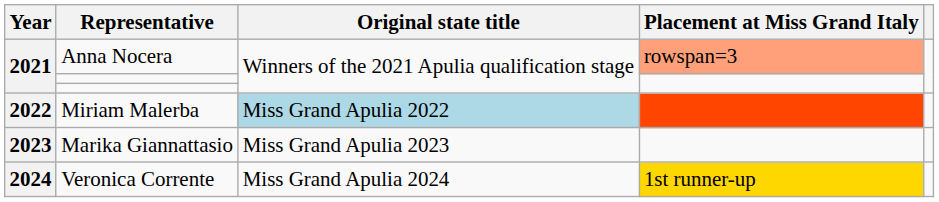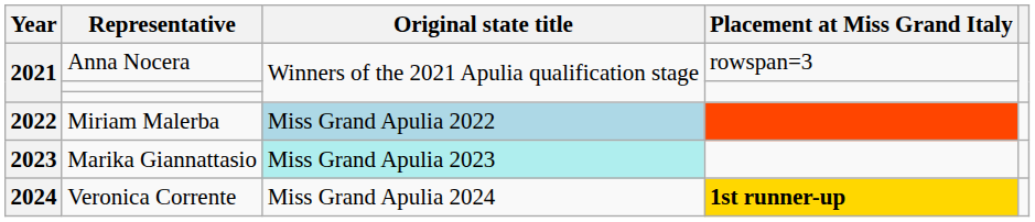 <table class="wikitable defaultcenter col2left" style="font-size:95%;">
 <tr>
 <th>Year</th>
 <th>Representative</th>
 <th>Original state title</th>
 <th>Placement at Miss Grand Italy</th>
 <th></th>
 </tr>
 <tr>
 <th rowspan=3>2021</th>
 <td>Anna Nocera</td>
 <td rowspan=3>Winners of the 2021 Apulia qualification stage</td>
-<td style="background: lightsalmon;">rowspan=3 </td>
+<td>rowspan=3 </td>
 <td rowspan=3></td>
 </tr>
 <tr>
 <td></td>
 </tr>
 <tr>
 <td></td>
 </tr>
 <tr>
 <th>2022</th>
 <td>Miriam Malerba</td>
 <td style="background: lightblue;">Miss Grand Apulia 2022</td>
 <td bgcolor=orangered></td>
 <td></td>
 </tr>
 <tr>
 <th>2023</th>
 <td>Marika Giannattasio</td>
-<td>Miss Grand Apulia 2023</td>
+<td style="background: paleturquoise;">Miss Grand Apulia 2023</td>
 <td></td>
 <td></td>
 </tr>
 <tr>
 <th>2024</th>
 <td>Veronica Corrente</td>
 <td>Miss Grand Apulia 2024</td>
-<td bgcolor=gold>1st runner-up</td>
+<td bgcolor=gold><strong>1st runner-up</strong></td>
 <td></td>
 </tr>
 </table>
